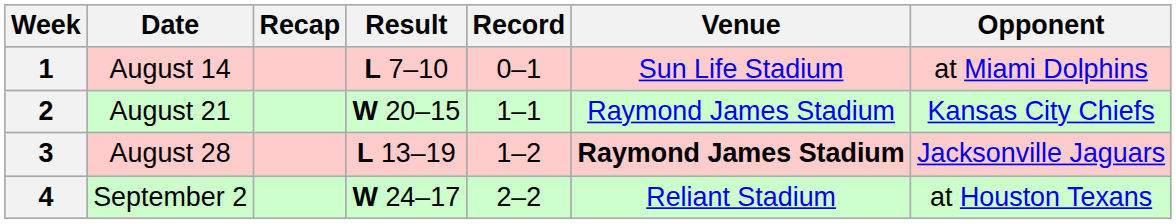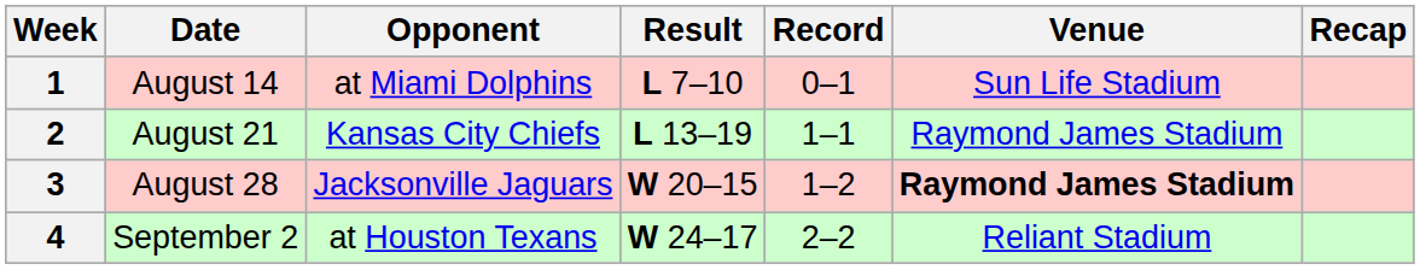 <table class="wikitable" style="text-align:center">
 <tr>
 <th>Week</th>
 <th>Date</th>
-<th>Recap</th>
+<th>Opponent</th>
 <th>Result</th>
 <th>Record</th>
 <th>Venue</th>
-<th>Opponent</th>
+<th>Recap</th>
 </tr>
 <tr style="background:#fcc;">
 <th>1</th>
 <td style="text-align:center;">August 14</td>
-<td style="text-align:center;"></td>
+<td style="text-align:center;">at <a href='#'>Miami Dolphins</a></td>
 <td style="text-align:center;"><strong>L</strong> 7–10</td>
 <td style="text-align:center;">0–1</td>
 <td style="text-align:center;"><a href='#'>Sun Life Stadium</a></td>
-<td style="text-align:center;">at <a href='#'>Miami Dolphins</a></td>
+<td style="text-align:center;"></td>
 </tr>
 <tr style="background:#cfc;">
 <th>2</th>
 <td style="text-align:center;">August 21</td>
-<td style="text-align:center;"></td>
-<td style="text-align:center;"><strong>W</strong> 20–15</td>
+<td style="text-align:center;"><a href='#'>Kansas City Chiefs</a></td>
+<td style="text-align:center;"><strong>L</strong> 13–19</td>
 <td style="text-align:center;">1–1</td>
 <td style="text-align:center;"><a href='#'>Raymond James Stadium</a></td>
-<td style="text-align:center;"><a href='#'>Kansas City Chiefs</a></td>
+<td style="text-align:center;"></td>
 </tr>
 <tr style="background:#fcc;">
 <th>3</th>
 <td style="text-align:center;">August 28</td>
-<td style="text-align:center;"></td>
-<td style="text-align:center;"><strong>L</strong> 13–19</td>
+<td style="text-align:center;"><a href='#'>Jacksonville Jaguars</a></td>
+<td style="text-align:center;"><strong>W</strong> 20–15</td>
 <td style="text-align:center;">1–2</td>
 <td style="text-align:center;"><strong>Raymond James Stadium</strong></td>
-<td style="text-align:center;"><a href='#'>Jacksonville Jaguars</a></td>
+<td style="text-align:center;"></td>
 </tr>
 <tr style="background:#cfc;">
 <th>4</th>
 <td style="text-align:center;">September 2</td>
-<td style="text-align:center;"></td>
+<td style="text-align:center;">at <a href='#'>Houston Texans</a></td>
 <td style="text-align:center;"><strong>W</strong> 24–17</td>
 <td style="text-align:center;">2–2</td>
 <td style="text-align:center;"><a href='#'>Reliant Stadium</a></td>
-<td style="text-align:center;">at <a href='#'>Houston Texans</a></td>
+<td style="text-align:center;"></td>
 </tr>
 </table>
